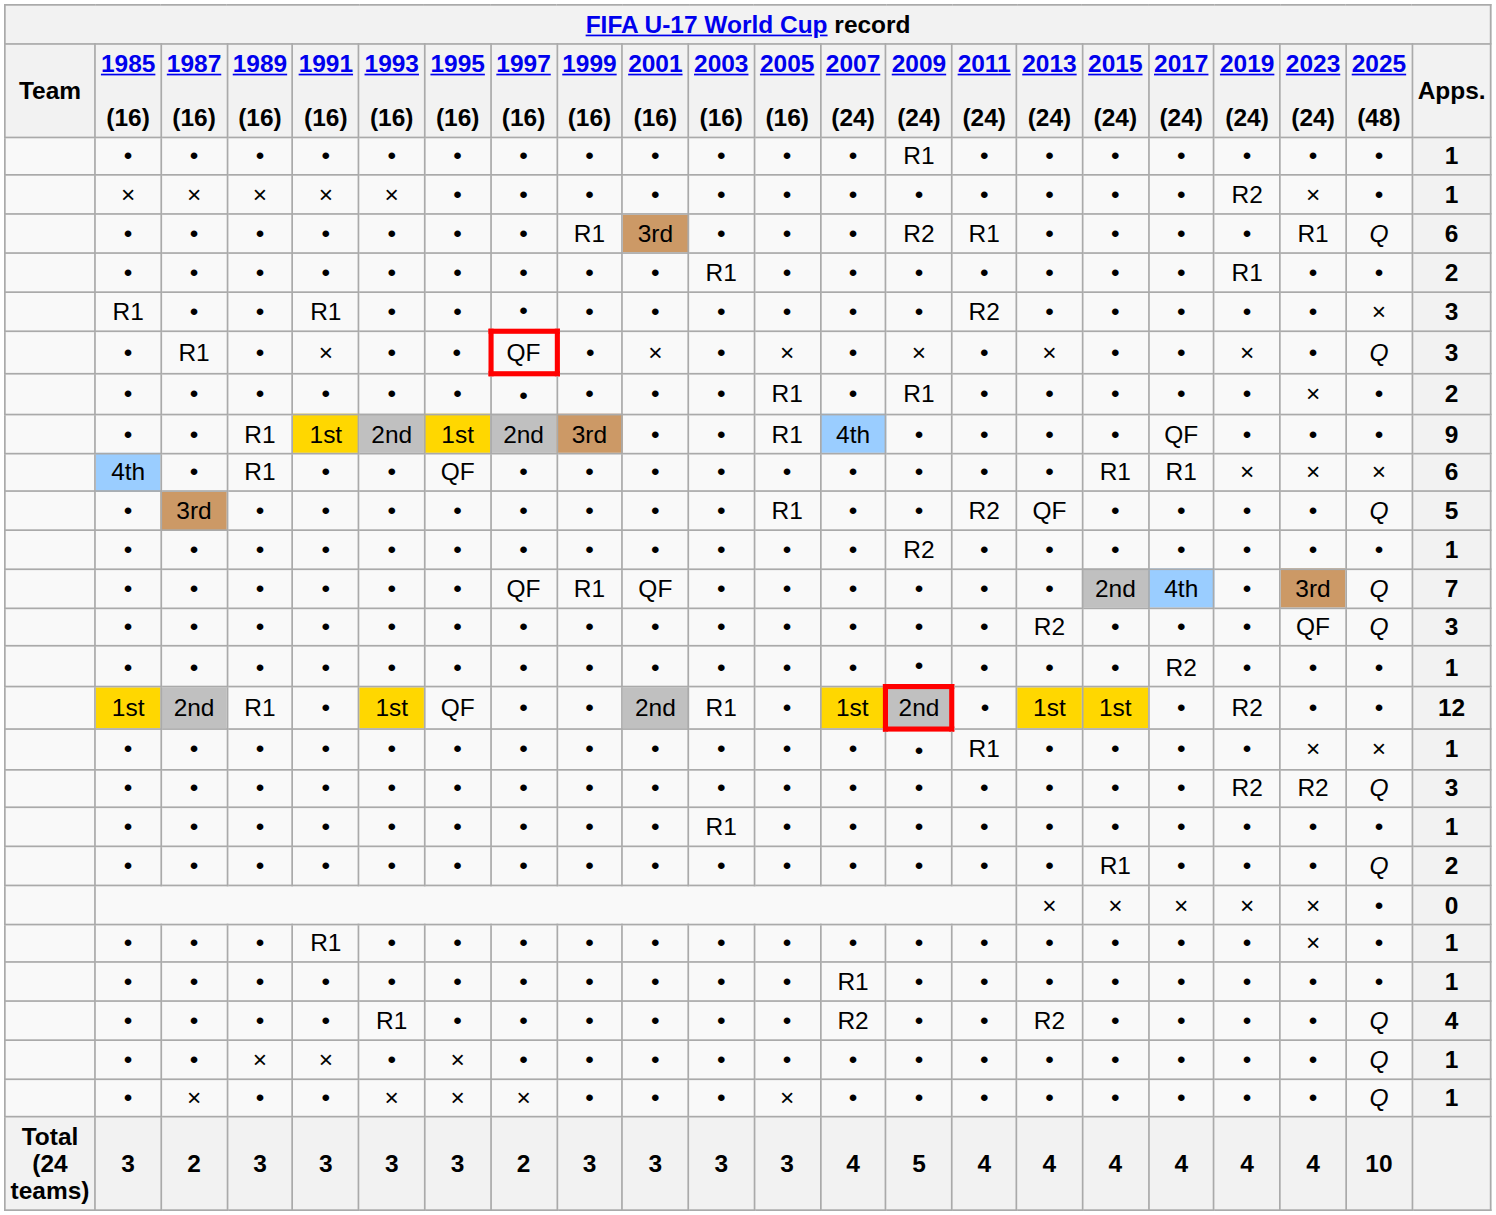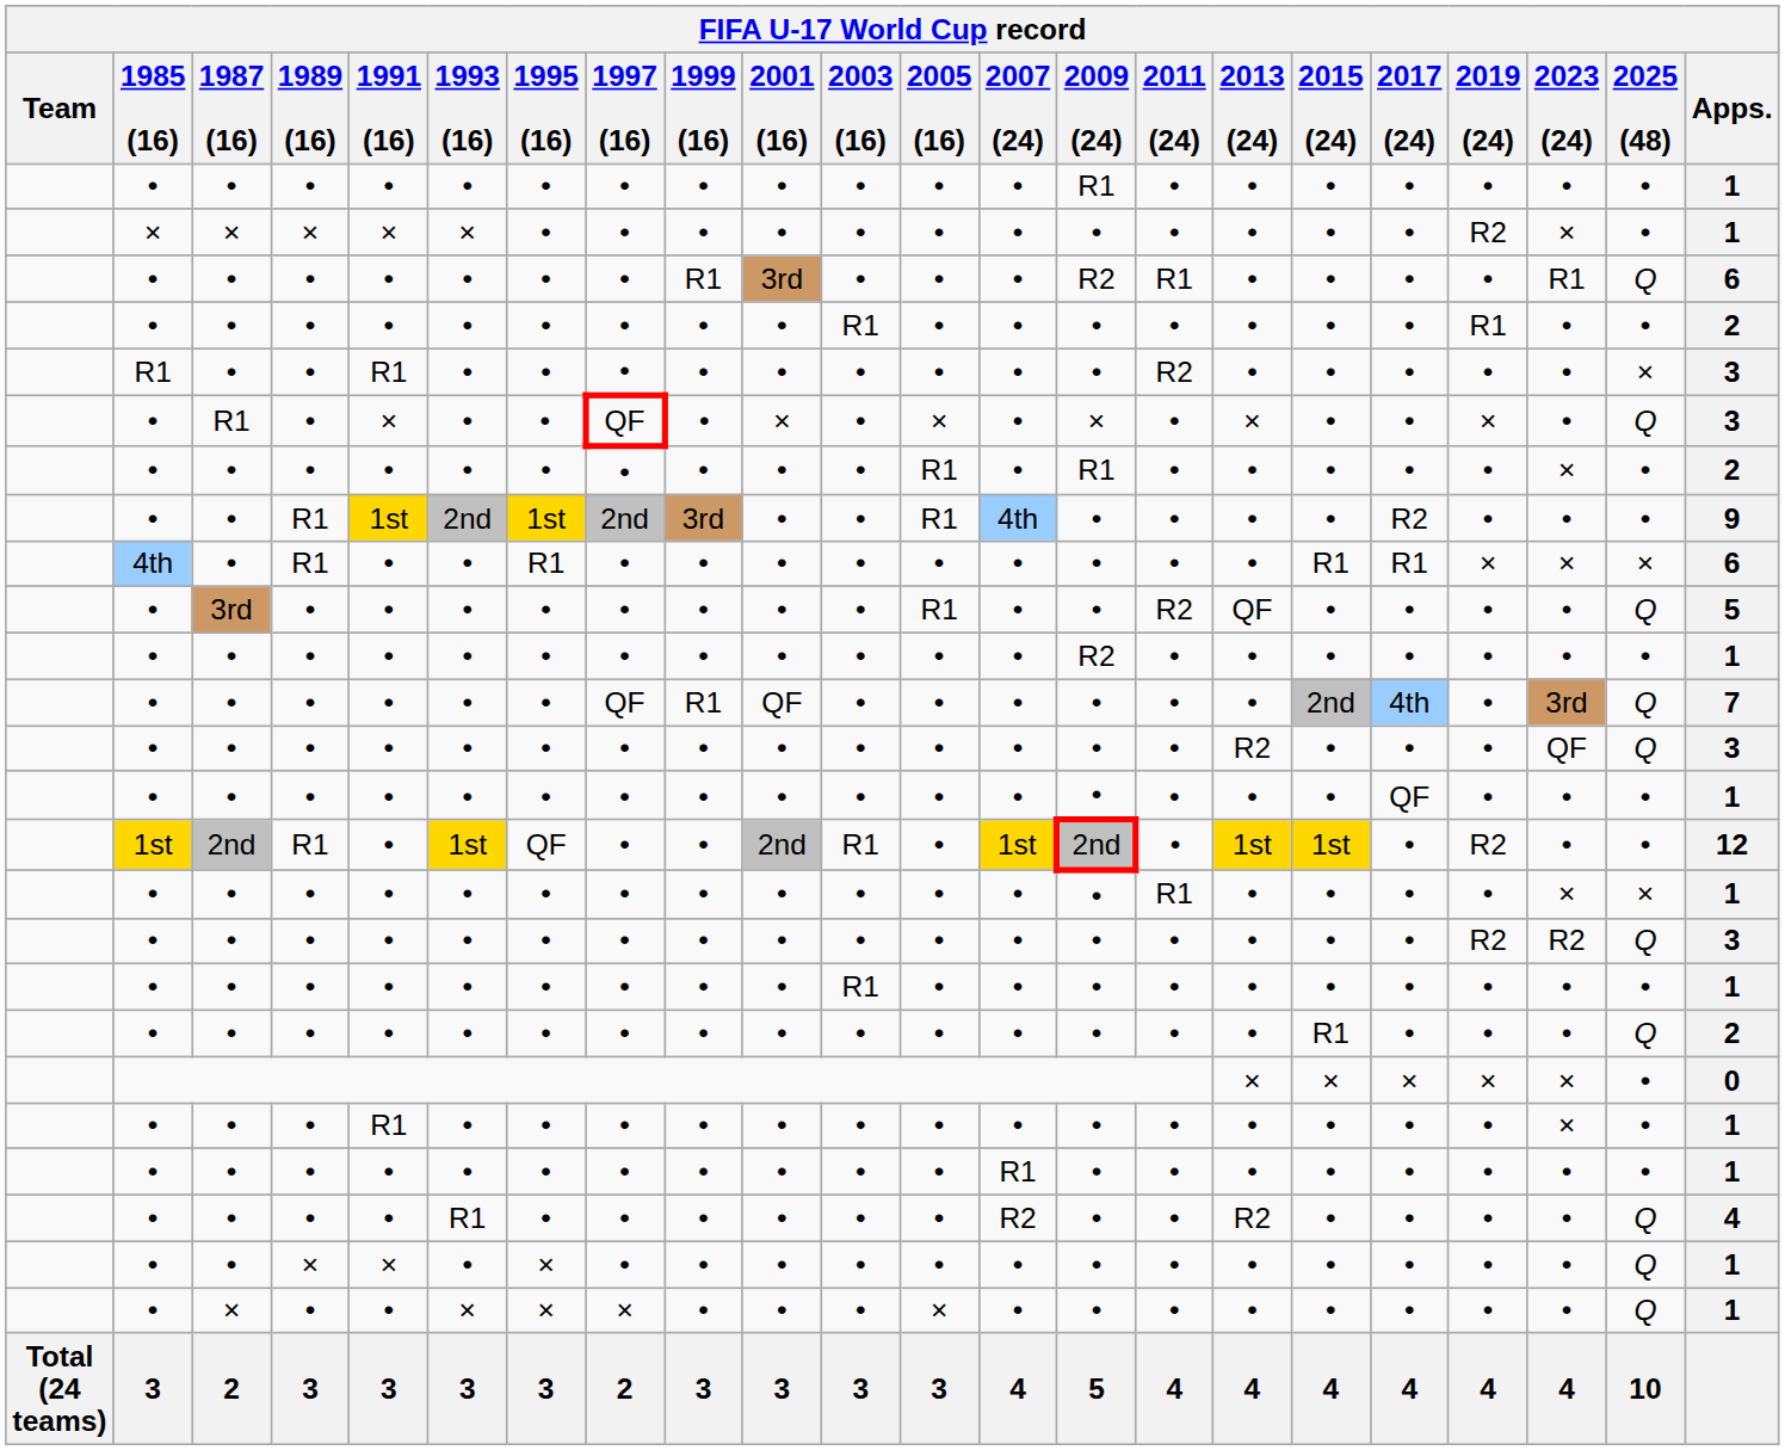 <table class="wikitable" style="text-align:center; font-size:90%">
 <tr style="background:#cccccc;" align=center>
 <th colspan=22><a href='#'>FIFA U-17 World Cup</a> record</th>
 </tr>
 <tr>
 <th>Team</th>
 <th><a href='#'>1985</a><br><br>(16)</th>
 <th><a href='#'>1987</a><br><br>(16)</th>
 <th><a href='#'>1989</a><br><br>(16)</th>
 <th><a href='#'>1991</a><br><br>(16)</th>
 <th><a href='#'>1993</a><br><br>(16)</th>
 <th><a href='#'>1995</a><br><br>(16)</th>
 <th><a href='#'>1997</a><br><br>(16)</th>
 <th><a href='#'>1999</a><br><br>(16)</th>
 <th><a href='#'>2001</a><br><br>(16)</th>
 <th><a href='#'>2003</a><br><br>(16)</th>
 <th><a href='#'>2005</a><br><br>(16)</th>
 <th><a href='#'>2007</a><br><br>(24)</th>
 <th><a href='#'>2009</a><br><br>(24)</th>
 <th><a href='#'>2011</a><br><br>(24)</th>
 <th><a href='#'>2013</a><br><br>(24)</th>
 <th><a href='#'>2015</a><br><br>(24)</th>
 <th><a href='#'>2017</a><br><br>(24)</th>
 <th><a href='#'>2019</a><br><br>(24)</th>
 <th><a href='#'>2023</a><br><br>(24)</th>
 <th><a href='#'>2025</a><br><br>(48)</th>
 <th>Apps.</th>
 </tr>
 <tr align=center>
 <td align=left></td>
 <td>•</td>
 <td>•</td>
 <td>•</td>
 <td>•</td>
 <td>•</td>
 <td>•</td>
 <td>•</td>
 <td>•</td>
 <td>•</td>
 <td>•</td>
 <td>•</td>
 <td>•</td>
 <td>R1</td>
 <td>•</td>
 <td>•</td>
 <td>•</td>
 <td>•</td>
 <td>•</td>
 <td>•</td>
 <td>•</td>
 <th>1</th>
 </tr>
 <tr align=center>
 <td align=left></td>
 <td>×</td>
 <td>×</td>
 <td>×</td>
 <td>×</td>
 <td>×</td>
 <td>•</td>
 <td>•</td>
 <td>•</td>
 <td>•</td>
 <td>•</td>
 <td>•</td>
 <td>•</td>
 <td>•</td>
 <td>•</td>
 <td>•</td>
 <td>•</td>
 <td>•</td>
 <td>R2</td>
 <td>×</td>
 <td>•</td>
 <th>1</th>
 </tr>
 <tr align=center>
 <td align=left></td>
 <td>•</td>
 <td>•</td>
 <td>•</td>
 <td>•</td>
 <td>•</td>
 <td>•</td>
 <td>•</td>
 <td>R1</td>
 <td bgcolor=#cc9966>3rd</td>
 <td>•</td>
 <td>•</td>
 <td>•</td>
 <td>R2</td>
 <td>R1</td>
 <td>•</td>
 <td>•</td>
 <td>•</td>
 <td>•</td>
 <td>R1</td>
 <td><em>Q</em></td>
 <th>6</th>
 </tr>
 <tr align=center>
 <td align=left></td>
 <td>•</td>
 <td>•</td>
 <td>•</td>
 <td>•</td>
 <td>•</td>
 <td>•</td>
 <td>•</td>
 <td>•</td>
 <td>•</td>
 <td>R1</td>
 <td>•</td>
 <td>•</td>
 <td>•</td>
 <td>•</td>
 <td>•</td>
 <td>•</td>
 <td>•</td>
 <td>R1</td>
 <td>•</td>
 <td>•</td>
 <th>2</th>
 </tr>
 <tr align=center>
 <td align=left></td>
 <td>R1</td>
 <td>•</td>
 <td>•</td>
 <td>R1</td>
 <td>•</td>
 <td>•</td>
 <td>•</td>
 <td>•</td>
 <td>•</td>
 <td>•</td>
 <td>•</td>
 <td>•</td>
 <td>•</td>
 <td>R2</td>
 <td>•</td>
 <td>•</td>
 <td>•</td>
 <td>•</td>
 <td>•</td>
 <td>×</td>
 <th>3</th>
 </tr>
 <tr align=center>
 <td align=left></td>
 <td>•</td>
 <td>R1</td>
 <td>•</td>
 <td>×</td>
 <td>•</td>
 <td>•</td>
 <td style="border: 3px solid red">QF</td>
 <td>•</td>
 <td>×</td>
 <td>•</td>
 <td>×</td>
 <td>•</td>
 <td>×</td>
 <td>•</td>
 <td>×</td>
 <td>•</td>
 <td>•</td>
 <td>×</td>
 <td>•</td>
 <td><em>Q</em></td>
 <th>3</th>
 </tr>
 <tr align=center>
 <td align=left></td>
 <td>•</td>
 <td>•</td>
 <td>•</td>
 <td>•</td>
 <td>•</td>
 <td>•</td>
 <td>•</td>
 <td>•</td>
 <td>•</td>
 <td>•</td>
 <td>R1</td>
 <td>•</td>
 <td>R1</td>
 <td>•</td>
 <td>•</td>
 <td>•</td>
 <td>•</td>
 <td>•</td>
 <td>×</td>
 <td>•</td>
 <th>2</th>
 </tr>
 <tr align=center>
 <td align=left></td>
 <td>•</td>
 <td>•</td>
 <td>R1</td>
 <td bgcolor=gold>1st</td>
 <td bgcolor=silver>2nd</td>
 <td bgcolor=gold>1st</td>
 <td bgcolor=silver>2nd</td>
 <td bgcolor=#cc9966>3rd</td>
 <td>•</td>
 <td>•</td>
 <td>R1</td>
 <td bgcolor=#9acdff>4th</td>
 <td>•</td>
 <td>•</td>
 <td>•</td>
 <td>•</td>
-<td>QF</td>
+<td>R2</td>
 <td>•</td>
 <td>•</td>
 <td>•</td>
 <th>9</th>
 </tr>
 <tr align=center>
 <td align=left></td>
 <td bgcolor=#9acdff>4th</td>
 <td>•</td>
 <td>R1</td>
 <td>•</td>
 <td>•</td>
-<td>QF</td>
+<td>R1</td>
 <td>•</td>
 <td>•</td>
 <td>•</td>
 <td>•</td>
 <td>•</td>
 <td>•</td>
 <td>•</td>
 <td>•</td>
 <td>•</td>
 <td>R1</td>
 <td>R1</td>
 <td>×</td>
 <td>×</td>
 <td>×</td>
 <th>6</th>
 </tr>
 <tr align=center>
 <td align=left></td>
 <td>•</td>
 <td bgcolor=#cc9966>3rd</td>
 <td>•</td>
 <td>•</td>
 <td>•</td>
 <td>•</td>
 <td>•</td>
 <td>•</td>
 <td>•</td>
 <td>•</td>
 <td>R1</td>
 <td>•</td>
 <td>•</td>
 <td>R2</td>
 <td>QF</td>
 <td>•</td>
 <td>•</td>
 <td>•</td>
 <td>•</td>
 <td><em>Q</em></td>
 <th>5</th>
 </tr>
 <tr align=center>
 <td align=left></td>
 <td>•</td>
 <td>•</td>
 <td>•</td>
 <td>•</td>
 <td>•</td>
 <td>•</td>
 <td>•</td>
 <td>•</td>
 <td>•</td>
 <td>•</td>
 <td>•</td>
 <td>•</td>
 <td>R2</td>
 <td>•</td>
 <td>•</td>
 <td>•</td>
 <td>•</td>
 <td>•</td>
 <td>•</td>
 <td>•</td>
 <th>1</th>
 </tr>
 <tr align=center>
 <td align=left></td>
 <td>•</td>
 <td>•</td>
 <td>•</td>
 <td>•</td>
 <td>•</td>
 <td>•</td>
 <td>QF</td>
 <td>R1</td>
 <td>QF</td>
 <td>•</td>
 <td>•</td>
 <td>•</td>
 <td>•</td>
 <td>•</td>
 <td>•</td>
 <td bgcolor=silver>2nd</td>
 <td bgcolor=#9acdff>4th</td>
 <td>•</td>
 <td bgcolor=#cc9966>3rd</td>
 <td><em>Q</em></td>
 <th>7</th>
 </tr>
 <tr align=center>
 <td align=left></td>
 <td>•</td>
 <td>•</td>
 <td>•</td>
 <td>•</td>
 <td>•</td>
 <td>•</td>
 <td>•</td>
 <td>•</td>
 <td>•</td>
 <td>•</td>
 <td>•</td>
 <td>•</td>
 <td>•</td>
 <td>•</td>
 <td>R2</td>
 <td>•</td>
 <td>•</td>
 <td>•</td>
 <td>QF</td>
 <td><em>Q</em></td>
 <th>3</th>
 </tr>
 <tr align=center>
 <td align=left></td>
 <td>•</td>
 <td>•</td>
 <td>•</td>
 <td>•</td>
 <td>•</td>
 <td>•</td>
 <td>•</td>
 <td>•</td>
 <td>•</td>
 <td>•</td>
 <td>•</td>
 <td>•</td>
 <td>•</td>
 <td>•</td>
 <td>•</td>
 <td>•</td>
-<td>R2</td>
+<td>QF</td>
 <td>•</td>
 <td>•</td>
 <td>•</td>
 <th>1</th>
 </tr>
 <tr align=center>
 <td align=left></td>
 <td bgcolor=gold>1st</td>
 <td bgcolor=silver>2nd</td>
 <td>R1</td>
 <td>•</td>
 <td bgcolor=gold>1st</td>
 <td>QF</td>
 <td>•</td>
 <td>•</td>
 <td bgcolor=silver>2nd</td>
 <td>R1</td>
 <td>•</td>
 <td bgcolor=gold>1st</td>
 <td style="border: 3px solid red" bgcolor=silver>2nd</td>
 <td>•</td>
 <td bgcolor=gold>1st</td>
 <td bgcolor=gold>1st</td>
 <td>•</td>
 <td>R2</td>
 <td>•</td>
 <td>•</td>
 <th>12</th>
 </tr>
 <tr align=center>
 <td align=left></td>
 <td>•</td>
 <td>•</td>
 <td>•</td>
 <td>•</td>
 <td>•</td>
 <td>•</td>
 <td>•</td>
 <td>•</td>
 <td>•</td>
 <td>•</td>
 <td>•</td>
 <td>•</td>
 <td>•</td>
 <td>R1</td>
 <td>•</td>
 <td>•</td>
 <td>•</td>
 <td>•</td>
 <td>×</td>
 <td>×</td>
 <th>1</th>
 </tr>
 <tr align=center>
 <td align=left></td>
 <td>•</td>
 <td>•</td>
 <td>•</td>
 <td>•</td>
 <td>•</td>
 <td>•</td>
 <td>•</td>
 <td>•</td>
 <td>•</td>
 <td>•</td>
 <td>•</td>
 <td>•</td>
 <td>•</td>
 <td>•</td>
 <td>•</td>
 <td>•</td>
 <td>•</td>
 <td>R2</td>
 <td>R2</td>
 <td><em>Q</em></td>
 <th>3</th>
 </tr>
 <tr align=center>
 <td align=left></td>
 <td>•</td>
 <td>•</td>
 <td>•</td>
 <td>•</td>
 <td>•</td>
 <td>•</td>
 <td>•</td>
 <td>•</td>
 <td>•</td>
 <td>R1</td>
 <td>•</td>
 <td>•</td>
 <td>•</td>
 <td>•</td>
 <td>•</td>
 <td>•</td>
 <td>•</td>
 <td>•</td>
 <td>•</td>
 <td>•</td>
 <th>1</th>
 </tr>
 <tr align=center>
 <td align=left></td>
 <td>•</td>
 <td>•</td>
 <td>•</td>
 <td>•</td>
 <td>•</td>
 <td>•</td>
 <td>•</td>
 <td>•</td>
 <td>•</td>
 <td>•</td>
 <td>•</td>
 <td>•</td>
 <td>•</td>
 <td>•</td>
 <td>•</td>
 <td>R1</td>
 <td>•</td>
 <td>•</td>
 <td>•</td>
 <td><em>Q</em></td>
 <th>2</th>
 </tr>
 <tr align=center>
 <td align=left></td>
 <td colspan=14></td>
 <td>×</td>
 <td>×</td>
 <td>×</td>
 <td>×</td>
 <td>×</td>
 <td>•</td>
 <th>0</th>
 </tr>
 <tr align=center>
 <td align=left></td>
 <td>•</td>
 <td>•</td>
 <td>•</td>
 <td>R1</td>
 <td>•</td>
 <td>•</td>
 <td>•</td>
 <td>•</td>
 <td>•</td>
 <td>•</td>
 <td>•</td>
 <td>•</td>
 <td>•</td>
 <td>•</td>
 <td>•</td>
 <td>•</td>
 <td>•</td>
 <td>•</td>
 <td>×</td>
 <td>•</td>
 <th>1</th>
 </tr>
 <tr align=center>
 <td align=left></td>
 <td>•</td>
 <td>•</td>
 <td>•</td>
 <td>•</td>
 <td>•</td>
 <td>•</td>
 <td>•</td>
 <td>•</td>
 <td>•</td>
 <td>•</td>
 <td>•</td>
 <td>R1</td>
 <td>•</td>
 <td>•</td>
 <td>•</td>
 <td>•</td>
 <td>•</td>
 <td>•</td>
 <td>•</td>
 <td>•</td>
 <th>1</th>
 </tr>
 <tr align=center>
 <td align=left></td>
 <td>•</td>
 <td>•</td>
 <td>•</td>
 <td>•</td>
 <td>R1</td>
 <td>•</td>
 <td>•</td>
 <td>•</td>
 <td>•</td>
 <td>•</td>
 <td>•</td>
 <td>R2</td>
 <td>•</td>
 <td>•</td>
 <td>R2</td>
 <td>•</td>
 <td>•</td>
 <td>•</td>
 <td>•</td>
 <td><em>Q</em></td>
 <th>4</th>
 </tr>
 <tr align=center>
 <td align=left></td>
 <td>•</td>
 <td>•</td>
 <td>×</td>
 <td>×</td>
 <td>•</td>
 <td>×</td>
 <td>•</td>
 <td>•</td>
 <td>•</td>
 <td>•</td>
 <td>•</td>
 <td>•</td>
 <td>•</td>
 <td>•</td>
 <td>•</td>
 <td>•</td>
 <td>•</td>
 <td>•</td>
 <td>•</td>
 <td><em>Q</em></td>
 <th>1</th>
 </tr>
 <tr align=center>
 <td align=left></td>
 <td>•</td>
 <td>×</td>
 <td>•</td>
 <td>•</td>
 <td>×</td>
 <td>×</td>
 <td>×</td>
 <td>•</td>
 <td>•</td>
 <td>•</td>
 <td>×</td>
 <td>•</td>
 <td>•</td>
 <td>•</td>
 <td>•</td>
 <td>•</td>
 <td>•</td>
 <td>•</td>
 <td>•</td>
 <td><em>Q</em></td>
 <th>1</th>
 </tr>
 <tr>
 <th align=left>Total (24 teams)</th>
 <th>3</th>
 <th>2</th>
 <th>3</th>
 <th>3</th>
 <th>3</th>
 <th>3</th>
 <th>2</th>
 <th>3</th>
 <th>3</th>
 <th>3</th>
 <th>3</th>
 <th>4</th>
 <th>5</th>
 <th>4</th>
 <th>4</th>
 <th>4</th>
 <th>4</th>
 <th>4</th>
 <th>4</th>
 <th>10</th>
 <th></th>
 </tr>
 </table>
